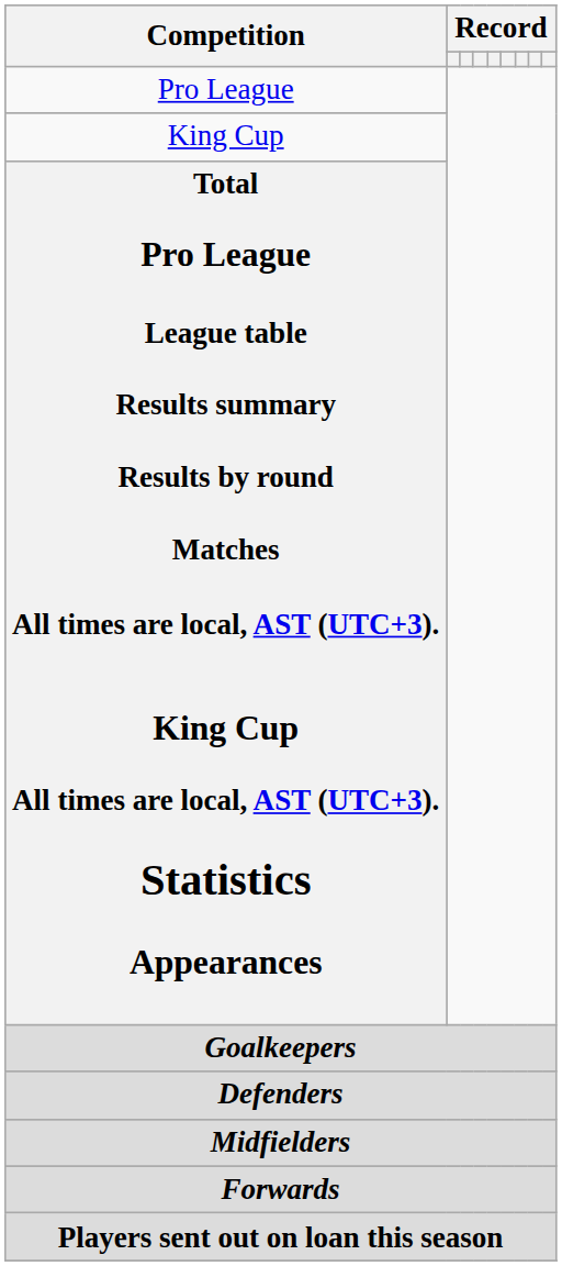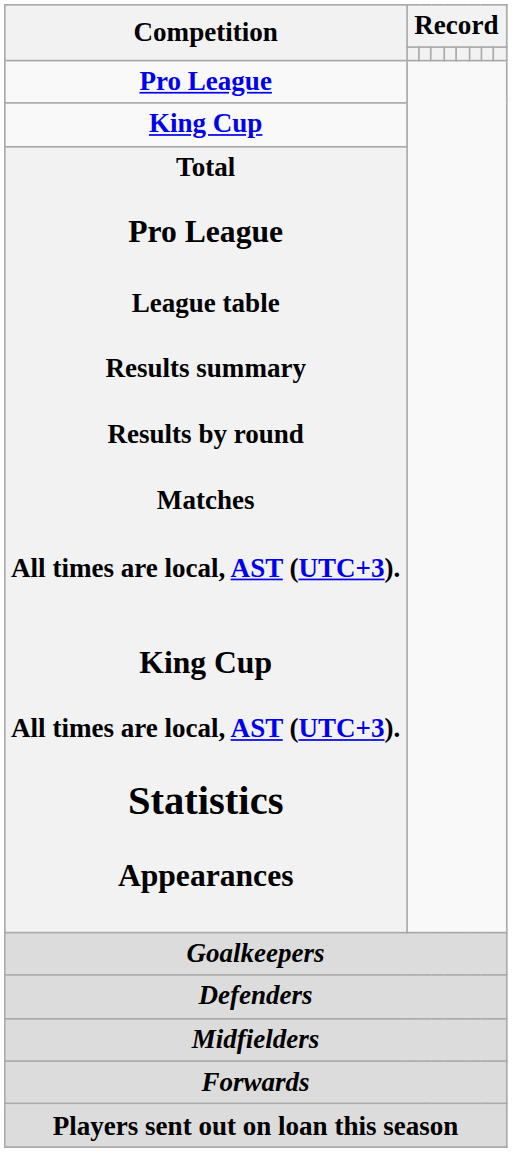 <table class="wikitable" style="text-align: center">
 <tr>
 <th rowspan=2>Competition</th>
 <th colspan=8>Record</th>
 </tr>
 <tr>
 <th></th>
 <th></th>
 <th></th>
 <th></th>
 <th></th>
 <th></th>
 <th></th>
 <th></th>
 </tr>
 <tr>
-<td><a href='#'>Pro League</a><br></td>
+<td><strong><a href='#'>Pro League</a><br></strong></td>
 </tr>
 <tr>
-<td><a href='#'>King Cup</a><br></td>
+<td><strong><a href='#'>King Cup</a><br></strong></td>
 </tr>
 <tr>
 <th>Total<br> <h3>Pro League</h3><h4>League table</h4><h4>Results summary</h4> <h4>Results by round</h4><h4>Matches</h4>All times are local, <a href='#'>AST</a> (<a href='#'>UTC+3</a>).<br>   <br>                              <h3>King Cup</h3> All times are local, <a href='#'>AST</a> (<a href='#'>UTC+3</a>).<br>   <h2>Statistics</h2><h3>Appearances</h3></th>
 </tr>
 <tr>
 <th colspan=10 style=background:#dcdcdc; text-align:center><em>Goalkeepers</em><br>  </th>
 </tr>
 <tr>
 <th colspan=10 style=background:#dcdcdc; text-align:center><em>Defenders</em><br>          </th>
 </tr>
 <tr>
 <th colspan=10 style=background:#dcdcdc; text-align:center><em>Midfielders</em><br>            </th>
 </tr>
 <tr>
 <th colspan=10 style=background:#dcdcdc; text-align:center><em>Forwards</em><br>   </th>
 </tr>
 <tr>
 <th colspan=16 style=background:#dcdcdc; text-align:center>Players sent out on loan this season<br>   </th>
 </tr>
 <tr>
 </tr>
 </table>
